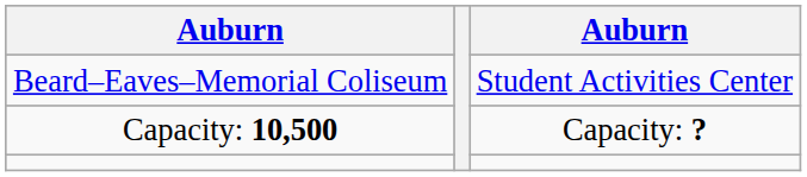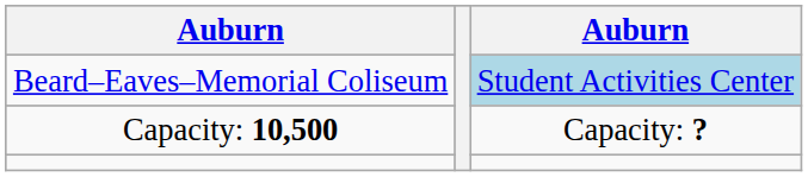 <table class="wikitable" style="text-align:center">
 <tr>
 <th><a href='#'>Auburn</a></th>
 <th rowspan=4></th>
 <th><a href='#'>Auburn</a></th>
 </tr>
 <tr>
 <td><a href='#'>Beard–Eaves–Memorial Coliseum</a></td>
-<td><a href='#'>Student Activities Center</a></td>
+<td style="background: lightblue;"><a href='#'>Student Activities Center</a></td>
 </tr>
 <tr>
 <td>Capacity: <strong>10,500</strong></td>
 <td>Capacity: <strong>?</strong></td>
 </tr>
 <tr>
 <td></td>
 <td></td>
 </tr>
 </table>
